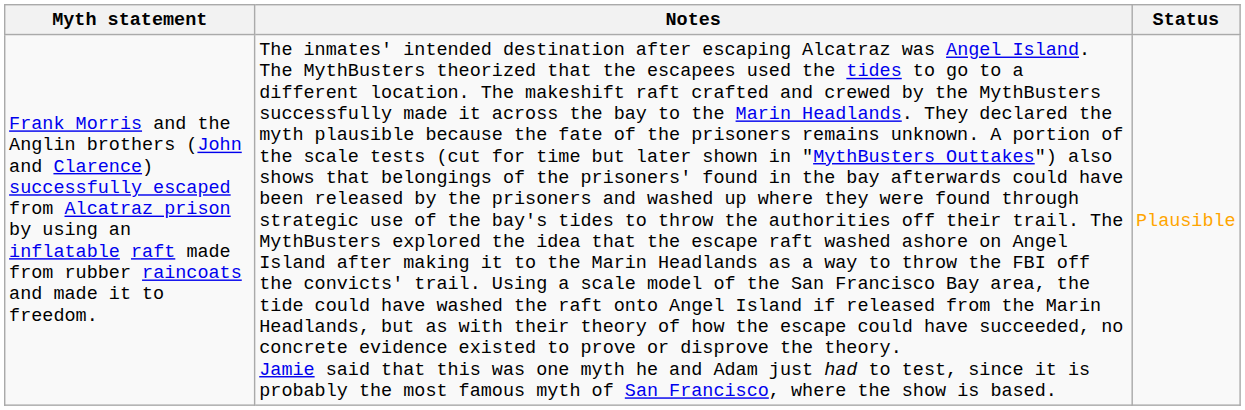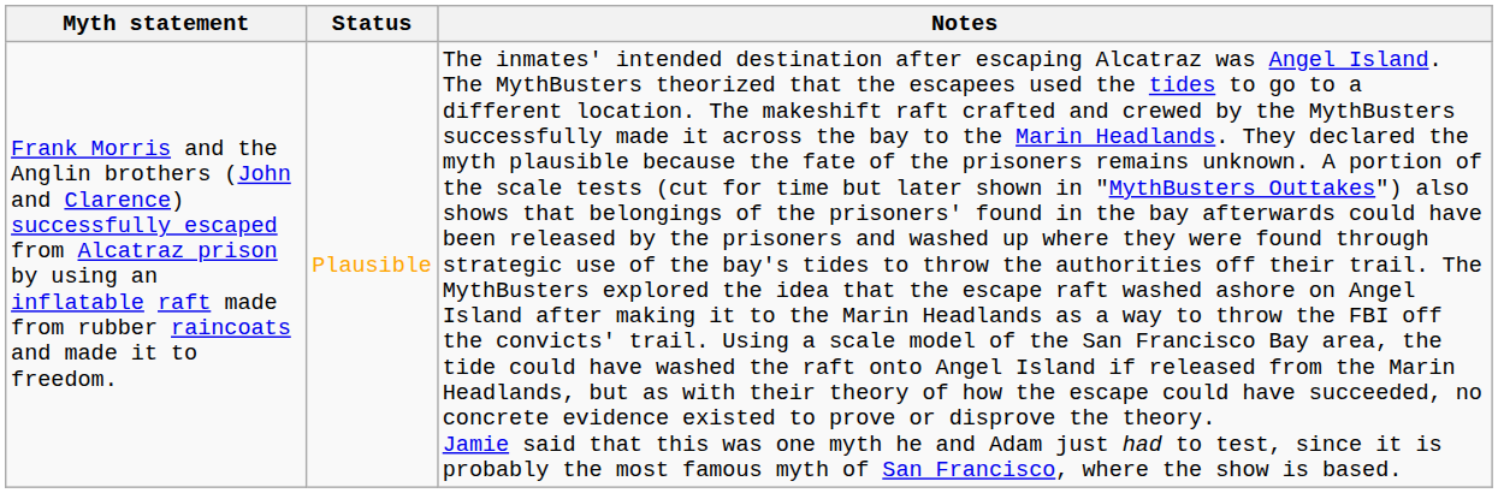 <table class="wikitable plainrowheaders">
 <tr>
 <th>Myth statement</th>
+<th>Status</th>
 <th>Notes</th>
-<th>Status</th>
 </tr>
 <tr>
 <td><a href='#'>Frank Morris</a> and the Anglin brothers (<a href='#'>John</a> and <a href='#'>Clarence</a>) <a href='#'>successfully escaped</a> from <a href='#'>Alcatraz prison</a> by using an <a href='#'>inflatable</a> <a href='#'>raft</a> made from rubber <a href='#'>raincoats</a> and made it to freedom.</td>
+<td style="color:orange">Plausible</td>
 <td>The inmates' intended destination after escaping Alcatraz was <a href='#'>Angel Island</a>. The MythBusters theorized that the escapees used the <a href='#'>tides</a> to go to a different location. The makeshift raft crafted and crewed by the MythBusters successfully made it across the bay to the <a href='#'>Marin Headlands</a>. They declared the myth plausible because the fate of the prisoners remains unknown. A portion of the scale tests (cut for time but later shown in "<a href='#'>MythBusters Outtakes</a>") also shows that belongings of the prisoners' found in the bay afterwards could have been released by the prisoners and washed up where they were found through strategic use of the bay's tides to throw the authorities off their trail. The MythBusters explored the idea that the escape raft washed ashore on Angel Island after making it to the Marin Headlands as a way to throw the FBI off the convicts' trail. Using a scale model of the San Francisco Bay area, the tide could have washed the raft onto Angel Island if released from the Marin Headlands, but as with their theory of how the escape could have succeeded, no concrete evidence existed to prove or disprove the theory.<br><a href='#'>Jamie</a> said that this was one myth he and Adam just <em>had</em> to test, since it is probably the most famous myth of <a href='#'>San Francisco</a>, where the show is based.</td>
-<td style="color:orange">Plausible</td>
 </tr>
 </table>
